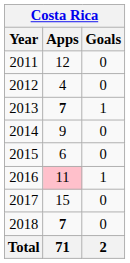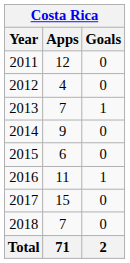 <table class="wikitable" style="text-align:center">
 <tr>
 <th colspan=3><a href='#'>Costa Rica</a></th>
 </tr>
 <tr>
 <th>Year</th>
 <th>Apps</th>
 <th>Goals</th>
 </tr>
 <tr>
 <td>2011</td>
 <td>12</td>
 <td>0</td>
 </tr>
 <tr>
 <td>2012</td>
 <td>4</td>
 <td>0</td>
 </tr>
 <tr>
 <td>2013</td>
-<td><strong>7</strong></td>
+<td>7</td>
 <td>1</td>
 </tr>
 <tr>
 <td>2014</td>
 <td>9</td>
 <td>0</td>
 </tr>
 <tr>
 <td>2015</td>
 <td>6</td>
 <td>0</td>
 </tr>
 <tr>
 <td>2016</td>
-<td style="background: pink;">11</td>
+<td>11</td>
 <td>1</td>
 </tr>
 <tr>
 <td>2017</td>
 <td>15</td>
 <td>0</td>
 </tr>
 <tr>
 <td>2018</td>
-<td><strong>7</strong></td>
+<td>7</td>
 <td>0</td>
 </tr>
 <tr>
 <th>Total</th>
 <th>71</th>
 <th>2</th>
 </tr>
 </table>
